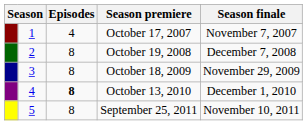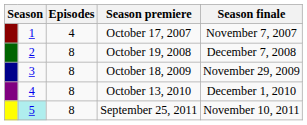 <table class="wikitable">
 <tr>
 <th colspan="2">Season</th>
 <th>Episodes</th>
 <th>Season premiere</th>
 <th>Season finale</th>
 </tr>
 <tr>
 <td style="background:darkred; height:5px;"></td>
 <td style="text-align:center;"><a href='#'>1</a></td>
 <td style="text-align:center;">4</td>
 <td style="text-align:center;">October 17, 2007</td>
 <td style="text-align:center;">November 7, 2007</td>
 </tr>
 <tr>
 <td style="background:darkgreen; height:5px;"></td>
 <td style="text-align:center;"><a href='#'>2</a></td>
 <td style="text-align:center;">8</td>
 <td style="text-align:center;">October 19, 2008</td>
 <td style="text-align:center;">December 7, 2008</td>
 </tr>
 <tr>
 <td style="background:darkblue; height:5px;"></td>
 <td style="text-align:center;"><a href='#'>3</a></td>
 <td style="text-align:center;">8</td>
 <td style="text-align:center;">October 18, 2009</td>
 <td style="text-align:center;">November 29, 2009</td>
 </tr>
 <tr>
 <td style="background:purple; height:5px;"></td>
 <td style="text-align:center;"><a href='#'>4</a></td>
-<td style="text-align:center;"><strong>8</strong></td>
+<td style="text-align:center;">8</td>
 <td style="text-align:center;">October 13, 2010</td>
 <td style="text-align:center;">December 1, 2010</td>
 </tr>
 <tr>
 <td style="background:yellow; height:5px;"></td>
-<td style="text-align:center;"><a href='#'>5</a></td>
+<td style="background: paleturquoise; text-align:center;"><a href='#'>5</a></td>
 <td style="text-align:center;">8</td>
 <td style="text-align:center;">September 25, 2011</td>
 <td style="text-align:center;">November 10, 2011</td>
 </tr>
 </table>
